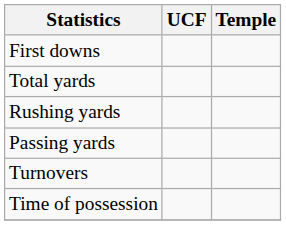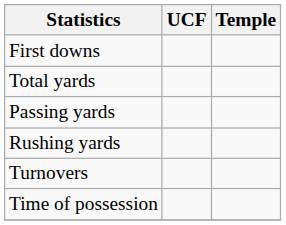 <table class="wikitable">
 <tr>
 <th>Statistics</th>
 <th>UCF</th>
 <th>Temple</th>
 </tr>
 <tr>
 <td>First downs</td>
 <td> </td>
 <td> </td>
 </tr>
 <tr>
 <td>Total yards</td>
 <td> </td>
 <td> </td>
 </tr>
 <tr>
-<td>Rushing yards</td>
+<td>Passing yards</td>
 <td> </td>
 <td> </td>
 </tr>
 <tr>
-<td>Passing yards</td>
+<td>Rushing yards</td>
 <td> </td>
 <td> </td>
 </tr>
 <tr>
 <td>Turnovers</td>
 <td> </td>
 <td> </td>
 </tr>
 <tr>
 <td>Time of possession</td>
 <td> </td>
 <td> </td>
 </tr>
 <tr>
 </tr>
 </table>
